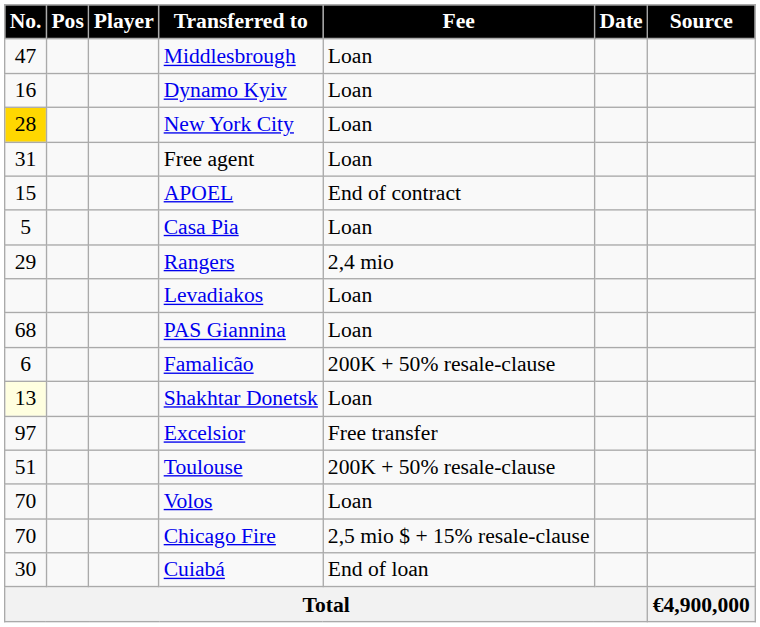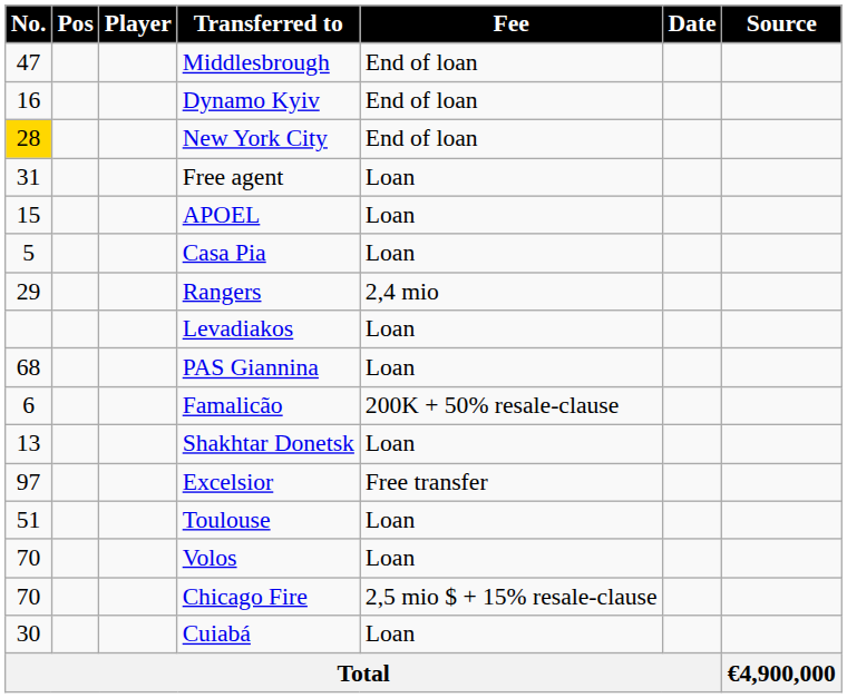 <table class="wikitable plainrowheaders sortable">
 <tr>
 <th style="background:black; color:#FFFFFF; ">No.</th>
 <th style="background:black; color:#FFFFFF; ">Pos</th>
 <th style="background:black; color:#FFFFFF; ">Player</th>
 <th style="background:black; color:#FFFFFF; ">Transferred to</th>
 <th style="background:black; color:#FFFFFF; ">Fee</th>
 <th style="background:black; color:#FFFFFF; ">Date</th>
 <th style="background:black; color:#FFFFFF; ">Source</th>
 </tr>
 <tr>
 <td align=center>47</td>
 <td align=center></td>
 <td></td>
 <td> <a href='#'>Middlesbrough</a></td>
-<td>Loan</td>
+<td>End of loan</td>
 <td></td>
 <td></td>
 </tr>
 <tr>
 <td align=center>16</td>
 <td align=center></td>
 <td></td>
 <td> <a href='#'>Dynamo Kyiv</a></td>
-<td>Loan</td>
+<td>End of loan</td>
 <td></td>
 <td></td>
 </tr>
 <tr>
 <td align=center style="background: gold;">28</td>
 <td align=center></td>
 <td></td>
 <td> <a href='#'>New York City</a></td>
-<td>Loan</td>
+<td>End of loan</td>
 <td></td>
 <td></td>
 </tr>
 <tr>
 <td align=center>31</td>
 <td align=center></td>
 <td></td>
 <td>Free agent</td>
 <td>Loan</td>
 <td></td>
 <td></td>
 </tr>
 <tr>
 <td align=center>15</td>
 <td align=center></td>
 <td></td>
 <td> <a href='#'>APOEL</a></td>
-<td>End of contract</td>
+<td>Loan</td>
 <td></td>
 <td></td>
 </tr>
 <tr>
 <td align=center>5</td>
 <td align=center></td>
 <td></td>
 <td> <a href='#'>Casa Pia</a></td>
 <td>Loan</td>
 <td></td>
 <td></td>
 </tr>
 <tr>
 <td align=center>29</td>
 <td align=center></td>
 <td></td>
 <td> <a href='#'>Rangers</a></td>
 <td>2,4 mio</td>
 <td></td>
 <td></td>
 </tr>
 <tr>
 <td align=center></td>
 <td align=center></td>
 <td></td>
 <td> <a href='#'>Levadiakos</a></td>
 <td>Loan</td>
 <td></td>
 <td></td>
 </tr>
 <tr>
 <td align=center>68</td>
 <td align=center></td>
 <td></td>
 <td> <a href='#'>PAS Giannina</a></td>
 <td>Loan</td>
 <td></td>
 <td></td>
 </tr>
 <tr>
 <td align=center>6</td>
 <td align=center></td>
 <td></td>
 <td> <a href='#'>Famalicão</a></td>
 <td>200K + 50% resale-clause</td>
 <td></td>
 <td></td>
 </tr>
 <tr>
-<td align=center style="background: lightyellow;">13</td>
+<td align=center>13</td>
 <td align=center></td>
 <td></td>
 <td> <a href='#'>Shakhtar Donetsk</a></td>
 <td>Loan</td>
 <td></td>
 <td></td>
 </tr>
 <tr>
 <td align=center>97</td>
 <td align=center></td>
 <td></td>
 <td> <a href='#'>Excelsior</a></td>
 <td>Free transfer</td>
 <td></td>
 <td></td>
 </tr>
 <tr>
 <td align=center>51</td>
 <td align=center></td>
 <td></td>
 <td> <a href='#'>Toulouse</a></td>
-<td>200K + 50% resale-clause</td>
+<td>Loan</td>
 <td></td>
 <td></td>
 </tr>
 <tr>
 <td align=center>70</td>
 <td align=center></td>
 <td></td>
 <td> <a href='#'>Volos</a></td>
 <td>Loan</td>
 <td></td>
 <td></td>
 </tr>
 <tr>
 <td align=center>70</td>
 <td align=center></td>
 <td></td>
 <td> <a href='#'>Chicago Fire</a></td>
 <td>2,5 mio $ + 15% resale-clause</td>
 <td></td>
 <td></td>
 </tr>
 <tr>
 <td align=center>30</td>
 <td align=center></td>
 <td></td>
 <td> <a href='#'>Cuiabá</a></td>
-<td>End of loan</td>
+<td>Loan</td>
 <td></td>
 <td></td>
 </tr>
 <tr>
 <th colspan="6">Total</th>
 <th colspan="2"> €4,900,000</th>
 </tr>
 </table>
